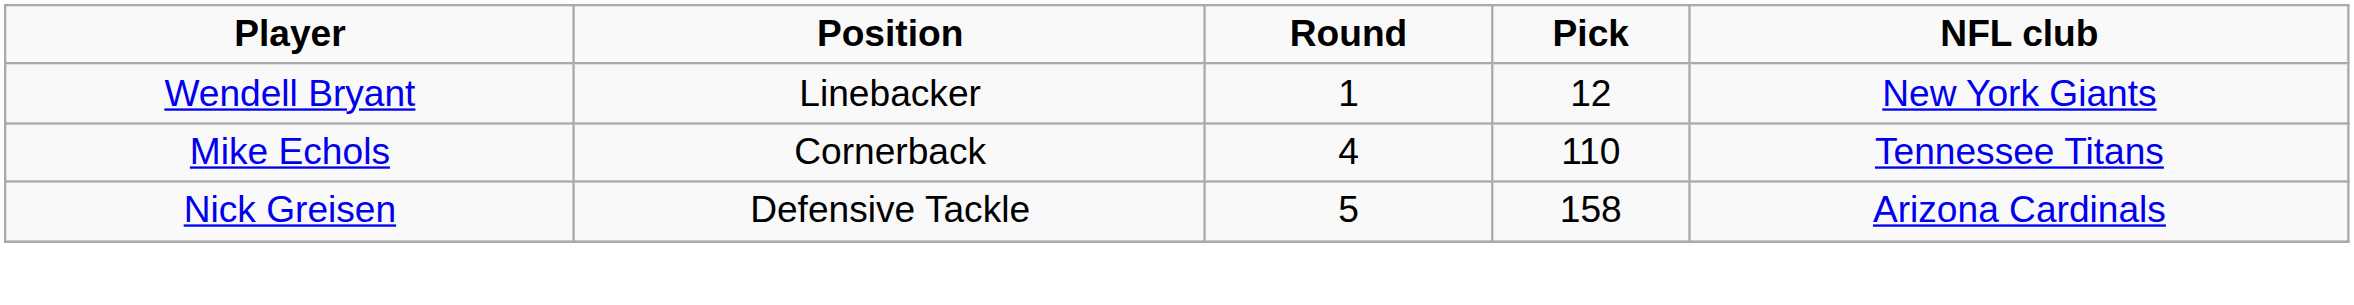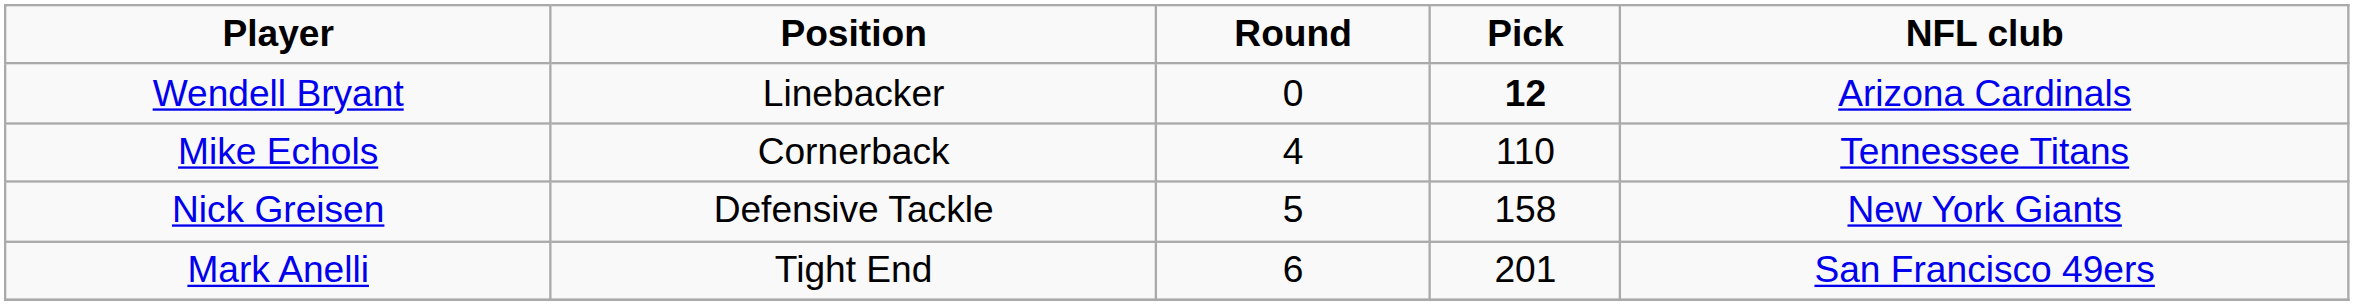 <table class="wikitable" width="80%">
 <tr align="center">
 <td><strong>Player</strong></td>
 <td><strong>Position</strong></td>
 <td><strong>Round</strong></td>
 <td><strong>Pick</strong></td>
 <td><strong>NFL club</strong></td>
 </tr>
 <tr align="center" bgcolor="">
 <td><a href='#'>Wendell Bryant</a></td>
 <td>Linebacker</td>
-<td>1</td>
-<td>12</td>
-<td><a href='#'>New York Giants</a></td>
+<td>0</td>
+<td><strong>12</strong></td>
+<td><a href='#'>Arizona Cardinals</a></td>
 </tr>
 <tr align="center" bgcolor="">
 <td><a href='#'>Mike Echols</a></td>
 <td>Cornerback</td>
 <td>4</td>
 <td>110</td>
 <td><a href='#'>Tennessee Titans</a></td>
 </tr>
 <tr align="center" bgcolor="">
 <td><a href='#'>Nick Greisen</a></td>
 <td>Defensive Tackle</td>
 <td>5</td>
 <td>158</td>
-<td><a href='#'>Arizona Cardinals</a></td>
+<td><a href='#'>New York Giants</a></td>
+</tr>
+<tr align="center" bgcolor="">
+<td><a href='#'>Mark Anelli</a></td>
+<td>Tight End</td>
+<td>6</td>
+<td>201</td>
+<td><a href='#'>San Francisco 49ers</a></td>
 </tr>
 <tr align="center" bgcolor="">
 </tr>
 </table>
